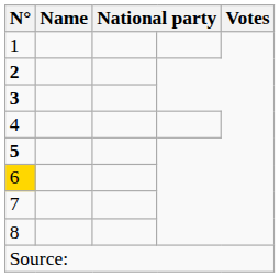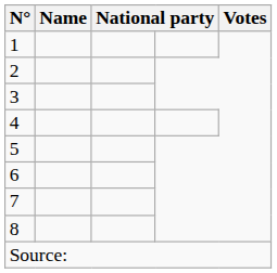 <table class="wikitable sortable" style="font-size:95%;line-height:14px;">
 <tr>
 <th>N°</th>
 <th>Name</th>
 <th colspan="2">National party</th>
 <th>Votes</th>
 </tr>
 <tr>
 <td>1</td>
 <td></td>
 <td></td>
 <td></td>
 </tr>
 <tr>
-<td><strong>2</strong></td>
+<td>2</td>
 <td></td>
 <td></td>
 </tr>
 <tr>
-<td><strong>3</strong></td>
+<td>3</td>
 <td></td>
 <td></td>
 </tr>
 <tr>
 <td>4</td>
 <td><em></em></td>
 <td></td>
 <td></td>
 </tr>
 <tr>
-<td><strong>5</strong></td>
+<td>5</td>
 <td></td>
 <td></td>
 </tr>
 <tr>
-<td style="background: gold;">6</td>
+<td>6</td>
 <td></td>
 <td></td>
 </tr>
 <tr>
 <td>7</td>
 <td></td>
 <td></td>
 </tr>
 <tr>
 <td>8</td>
 <td></td>
 <td></td>
 </tr>
 <tr>
 <td colspan="5">Source: </td>
 </tr>
 </table>
